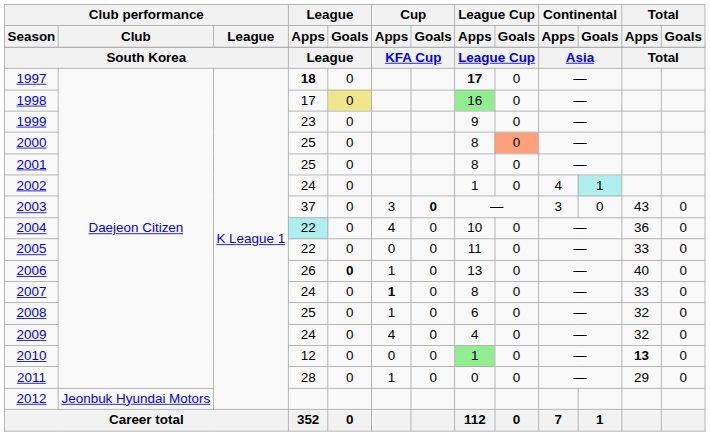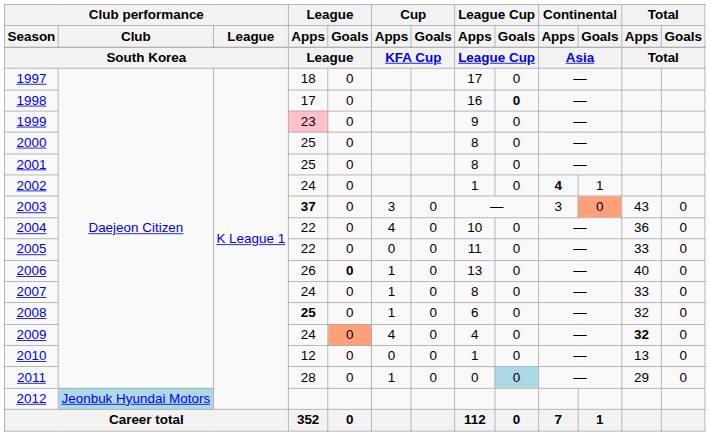 <table class="wikitable" style="text-align:center">
 <tr>
 <th colspan=3>Club performance</th>
 <th colspan=2>League</th>
 <th colspan=2>Cup</th>
 <th colspan=2>League Cup</th>
 <th colspan=2>Continental</th>
 <th colspan=2>Total</th>
 </tr>
 <tr>
 <th>Season</th>
 <th>Club</th>
 <th>League</th>
 <th>Apps</th>
 <th>Goals</th>
 <th>Apps</th>
 <th>Goals</th>
 <th>Apps</th>
 <th>Goals</th>
 <th>Apps</th>
 <th>Goals</th>
 <th>Apps</th>
 <th>Goals</th>
 </tr>
 <tr>
 </tr>
 <tr>
 <th colspan=3>South Korea</th>
 <th colspan=2>League</th>
 <th colspan=2><a href='#'>KFA Cup</a></th>
 <th colspan=2><a href='#'>League Cup</a></th>
 <th colspan=2><a href='#'>Asia</a></th>
 <th colspan=2>Total</th>
 </tr>
 <tr>
 <td><a href='#'>1997</a></td>
 <td rowspan="15"><a href='#'>Daejeon Citizen</a></td>
 <td rowspan="16"><a href='#'>K League 1</a></td>
-<td><strong>18</strong></td>
+<td>18</td>
 <td>0</td>
 <td></td>
 <td></td>
-<td><strong>17</strong></td>
+<td>17</td>
 <td>0</td>
 <td colspan="2">—</td>
 <td></td>
 <td></td>
 </tr>
 <tr>
 <td><a href='#'>1998</a></td>
 <td>17</td>
-<td style="background: khaki;">0</td>
+<td>0</td>
 <td></td>
 <td></td>
-<td style="background: lightgreen;">16</td>
-<td>0</td>
+<td>16</td>
+<td><strong>0</strong></td>
 <td colspan="2">—</td>
 <td></td>
 <td></td>
 </tr>
 <tr>
 <td><a href='#'>1999</a></td>
-<td>23</td>
+<td style="background: pink;">23</td>
 <td>0</td>
 <td></td>
 <td></td>
 <td>9</td>
 <td>0</td>
 <td colspan="2">—</td>
 <td></td>
 <td></td>
 </tr>
 <tr>
 <td><a href='#'>2000</a></td>
 <td>25</td>
 <td>0</td>
 <td></td>
 <td></td>
 <td>8</td>
-<td style="background: lightsalmon;">0</td>
+<td>0</td>
 <td colspan="2">—</td>
 <td></td>
 <td></td>
 </tr>
 <tr>
 <td><a href='#'>2001</a></td>
 <td>25</td>
 <td>0</td>
 <td></td>
 <td></td>
 <td>8</td>
 <td>0</td>
 <td colspan="2">—</td>
 <td></td>
 <td></td>
 </tr>
 <tr>
 <td><a href='#'>2002</a></td>
 <td>24</td>
 <td>0</td>
 <td></td>
 <td></td>
 <td>1</td>
 <td>0</td>
-<td>4</td>
-<td style="background: paleturquoise;">1</td>
+<td><strong>4</strong></td>
+<td>1</td>
 <td></td>
 <td></td>
 </tr>
 <tr>
 <td><a href='#'>2003</a></td>
-<td>37</td>
+<td><strong>37</strong></td>
 <td>0</td>
 <td>3</td>
-<td><strong>0</strong></td>
+<td>0</td>
 <td colspan="2">—</td>
 <td>3</td>
-<td>0</td>
+<td style="background: lightsalmon;">0</td>
 <td>43</td>
 <td>0</td>
 </tr>
 <tr>
 <td><a href='#'>2004</a></td>
-<td style="background: paleturquoise;">22</td>
+<td>22</td>
 <td>0</td>
 <td>4</td>
 <td>0</td>
 <td>10</td>
 <td>0</td>
 <td colspan="2">—</td>
 <td>36</td>
 <td>0</td>
 </tr>
 <tr>
 <td><a href='#'>2005</a></td>
 <td>22</td>
 <td>0</td>
 <td>0</td>
 <td>0</td>
 <td>11</td>
 <td>0</td>
 <td colspan="2">—</td>
 <td>33</td>
 <td>0</td>
 </tr>
 <tr>
 <td><a href='#'>2006</a></td>
 <td>26</td>
 <td><strong>0</strong></td>
 <td>1</td>
 <td>0</td>
 <td>13</td>
 <td>0</td>
 <td colspan="2">—</td>
 <td>40</td>
 <td>0</td>
 </tr>
 <tr>
 <td><a href='#'>2007</a></td>
 <td>24</td>
 <td>0</td>
-<td><strong>1</strong></td>
+<td>1</td>
 <td>0</td>
 <td>8</td>
 <td>0</td>
 <td colspan="2">—</td>
 <td>33</td>
 <td>0</td>
 </tr>
 <tr>
 <td><a href='#'>2008</a></td>
-<td>25</td>
+<td><strong>25</strong></td>
 <td>0</td>
 <td>1</td>
 <td>0</td>
 <td>6</td>
 <td>0</td>
 <td colspan="2">—</td>
 <td>32</td>
 <td>0</td>
 </tr>
 <tr>
 <td><a href='#'>2009</a></td>
 <td>24</td>
-<td>0</td>
+<td style="background: lightsalmon;">0</td>
 <td>4</td>
 <td>0</td>
 <td>4</td>
 <td>0</td>
 <td colspan="2">—</td>
-<td>32</td>
+<td><strong>32</strong></td>
 <td>0</td>
 </tr>
 <tr>
 <td><a href='#'>2010</a></td>
 <td>12</td>
 <td>0</td>
 <td>0</td>
 <td>0</td>
-<td style="background: lightgreen;">1</td>
+<td>1</td>
 <td>0</td>
 <td colspan="2">—</td>
-<td><strong>13</strong></td>
+<td>13</td>
 <td>0</td>
 </tr>
 <tr>
 <td><a href='#'>2011</a></td>
 <td>28</td>
 <td>0</td>
 <td>1</td>
 <td>0</td>
 <td>0</td>
-<td>0</td>
+<td style="background: lightblue;">0</td>
 <td colspan="2">—</td>
 <td>29</td>
 <td>0</td>
 </tr>
 <tr>
 <td><a href='#'>2012</a></td>
-<td rowspan="1"><a href='#'>Jeonbuk Hyundai Motors</a></td>
+<td rowspan="1" style="background: lightblue;"><a href='#'>Jeonbuk Hyundai Motors</a></td>
 <td></td>
 <td></td>
 <td></td>
 <td></td>
 <td></td>
 <td></td>
 <td></td>
 <td></td>
 <td></td>
 <td></td>
 </tr>
 <tr>
 <th colspan=3>Career total</th>
 <th>352</th>
 <th>0</th>
 <th></th>
 <th></th>
 <th>112</th>
 <th>0</th>
 <th>7</th>
 <th>1</th>
 <th></th>
 <th></th>
 </tr>
 </table>
